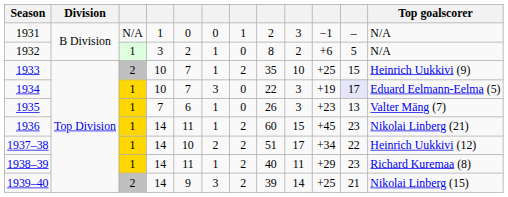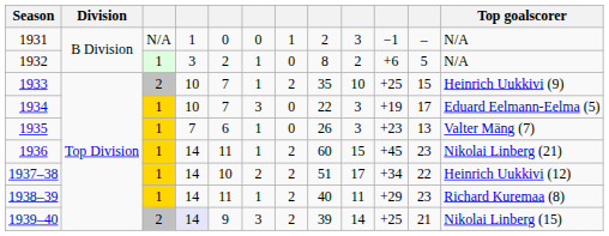 <table class="wikitable">
 <tr>
 <th>Season</th>
 <th>Division</th>
 <th width=30px></th>
 <th width=30px></th>
 <th width=30px></th>
 <th width=30px></th>
 <th width=30px></th>
 <th width=30px></th>
 <th width=30px></th>
 <th width=30px></th>
 <th width=30px></th>
 <th>Top goalscorer</th>
 </tr>
 <tr align=center>
 <td>1931</td>
 <td rowspan="2">B Division</td>
 <td>N/A</td>
 <td>1</td>
 <td>0</td>
 <td>0</td>
 <td>1</td>
 <td>2</td>
 <td>3</td>
 <td>−1</td>
 <td>–</td>
 <td align=left>N/A</td>
 </tr>
 <tr align=center>
 <td>1932</td>
 <td style="background:#DDFFDD;">1</td>
 <td>3</td>
 <td>2</td>
 <td>1</td>
 <td>0</td>
 <td>8</td>
 <td>2</td>
 <td>+6</td>
 <td>5</td>
 <td align=left>N/A</td>
 </tr>
 <tr align=center>
 <td><a href='#'>1933</a></td>
 <td rowspan="7"><a href='#'>Top Division</a></td>
 <td bgcolor="silver">2</td>
 <td>10</td>
 <td>7</td>
 <td>1</td>
 <td>2</td>
 <td>35</td>
 <td>10</td>
 <td>+25</td>
 <td>15</td>
 <td align=left> <a href='#'>Heinrich Uukkivi</a> (9)</td>
 </tr>
 <tr align=center>
 <td><a href='#'>1934</a></td>
 <td bgcolor=gold>1</td>
 <td>10</td>
 <td>7</td>
 <td>3</td>
 <td>0</td>
 <td>22</td>
 <td>3</td>
 <td>+19</td>
-<td style="background: lavender;">17</td>
+<td>17</td>
 <td align=left> <a href='#'>Eduard Eelmann-Eelma</a> (5)</td>
 </tr>
 <tr align=center>
 <td><a href='#'>1935</a></td>
 <td bgcolor=gold>1</td>
 <td>7</td>
 <td>6</td>
 <td>1</td>
 <td>0</td>
 <td>26</td>
 <td>3</td>
 <td>+23</td>
 <td>13</td>
 <td align=left> <a href='#'>Valter Mäng</a> (7)</td>
 </tr>
 <tr align=center>
 <td><a href='#'>1936</a></td>
 <td bgcolor=gold>1</td>
 <td>14</td>
 <td>11</td>
 <td>1</td>
 <td>2</td>
 <td>60</td>
 <td>15</td>
 <td>+45</td>
 <td>23</td>
 <td align=left> <a href='#'>Nikolai Linberg</a> (21)</td>
 </tr>
 <tr align=center>
 <td><a href='#'>1937–38</a></td>
 <td bgcolor=gold>1</td>
 <td>14</td>
 <td>10</td>
 <td>2</td>
 <td>2</td>
 <td>51</td>
 <td>17</td>
 <td>+34</td>
 <td>22</td>
 <td align=left> <a href='#'>Heinrich Uukkivi</a> (12)</td>
 </tr>
 <tr align=center>
 <td><a href='#'>1938–39</a></td>
 <td bgcolor=gold>1</td>
 <td>14</td>
 <td>11</td>
 <td>1</td>
 <td>2</td>
 <td>40</td>
 <td>11</td>
 <td>+29</td>
 <td>23</td>
 <td align=left> <a href='#'>Richard Kuremaa</a> (8)</td>
 </tr>
 <tr align=center>
 <td><a href='#'>1939–40</a></td>
 <td bgcolor=silver>2</td>
-<td>14</td>
+<td style="background: lavender;">14</td>
 <td>9</td>
 <td>3</td>
 <td>2</td>
 <td>39</td>
 <td>14</td>
 <td>+25</td>
 <td>21</td>
 <td align=left> <a href='#'>Nikolai Linberg</a> (15)</td>
 </tr>
 </table>
